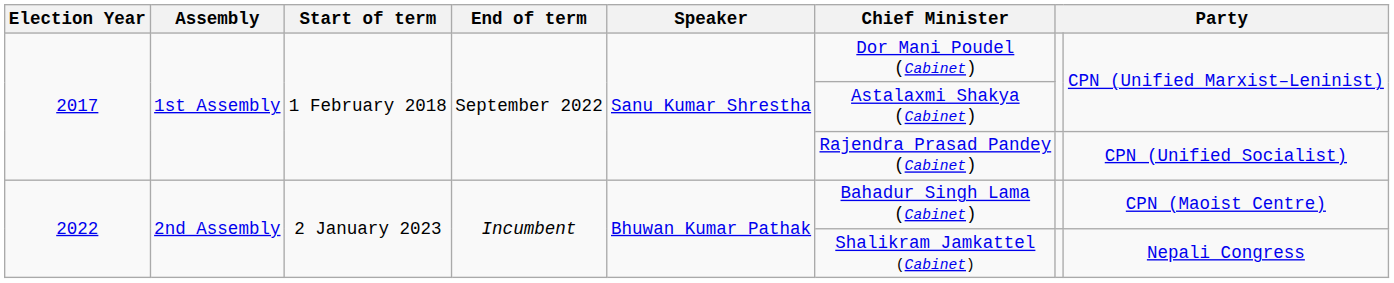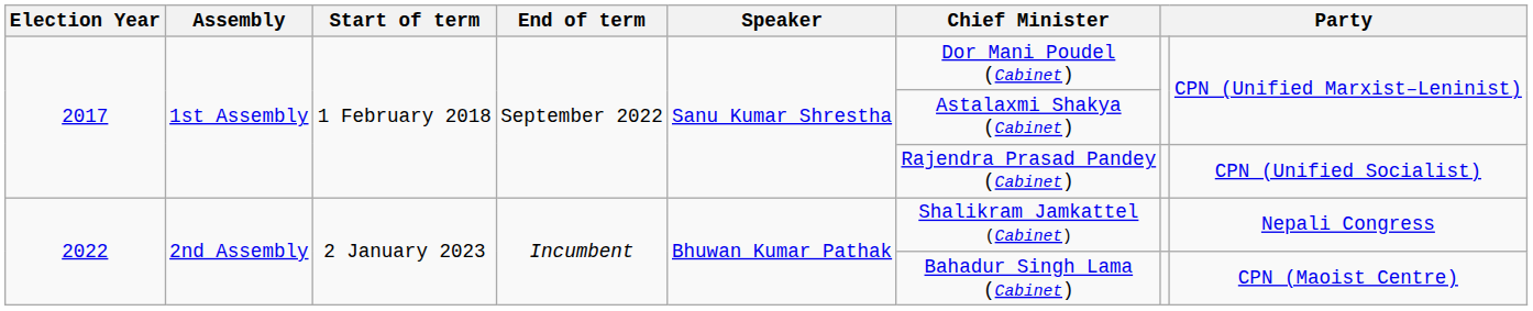 <table class="wikitable" style="text-align:center">
 <tr>
 <th>Election Year</th>
 <th>Assembly</th>
 <th>Start of term</th>
 <th>End of term</th>
 <th>Speaker</th>
 <th>Chief Minister</th>
 <th colspan="2">Party</th>
 </tr>
 <tr>
 <td rowspan="3"><a href='#'>2017</a></td>
 <td rowspan="3"><a href='#'>1st Assembly</a></td>
 <td rowspan="3">1 February 2018</td>
 <td rowspan="3">September 2022</td>
 <td rowspan="3"><a href='#'>Sanu Kumar Shrestha</a></td>
 <td><a href='#'>Dor Mani Poudel</a><br>(<a href='#'><small><em>Cabinet</em></small></a>)</td>
 <td rowspan="2"></td>
 <td rowspan="2"><a href='#'>CPN (Unified Marxist–Leninist)</a></td>
 </tr>
 <tr>
 <td><a href='#'>Astalaxmi Shakya</a><br>(<small><em><a href='#'>Cabinet</a></em></small>)</td>
 </tr>
 <tr>
 <td><a href='#'>Rajendra Prasad Pandey</a><br>(<small><em><a href='#'>Cabinet</a></em></small>)</td>
 <td></td>
 <td><a href='#'>CPN (Unified Socialist)</a></td>
 </tr>
 <tr>
 <td rowspan="2"><a href='#'>2022</a></td>
 <td rowspan="2"><a href='#'>2nd Assembly</a></td>
 <td rowspan="2">2 January 2023</td>
 <td rowspan="2"><em>Incumbent</em></td>
 <td rowspan="2"><a href='#'>Bhuwan Kumar Pathak</a></td>
+<td><a href='#'>Shalikram Jamkattel</a><br><small>(<a href='#'><em>Cabinet</em></a>)</small></td>
+<td></td>
+<td><a href='#'>Nepali Congress</a></td>
+</tr>
+<tr>
 <td><a href='#'>Bahadur Singh Lama</a><br>(<small><em><a href='#'>Cabinet</a></em></small>)</td>
 <td></td>
 <td><a href='#'>CPN (Maoist Centre)</a></td>
 </tr>
-<tr>
-<td><a href='#'>Shalikram Jamkattel</a><br><small>(<a href='#'><em>Cabinet</em></a>)</small></td>
-<td></td>
-<td><a href='#'>Nepali Congress</a></td>
-</tr>
 </table>
